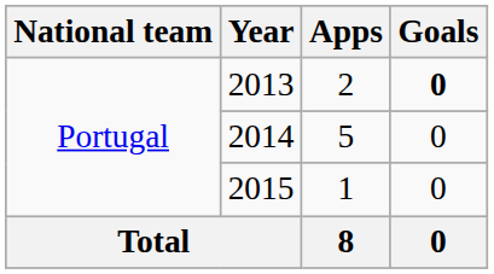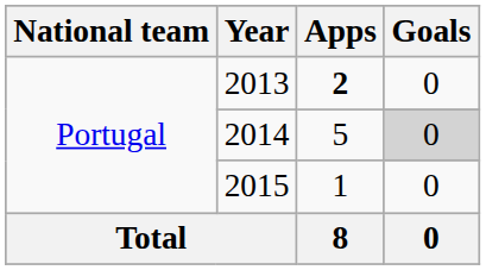 <table class="wikitable" style="text-align:center">
 <tr>
 <th>National team</th>
 <th>Year</th>
 <th>Apps</th>
 <th>Goals</th>
 </tr>
 <tr>
 <td rowspan=3 valign="center"><a href='#'>Portugal</a></td>
 <td>2013</td>
-<td>2</td>
-<td><strong>0</strong></td>
+<td><strong>2</strong></td>
+<td>0</td>
 </tr>
 <tr>
 <td>2014</td>
 <td>5</td>
-<td>0</td>
+<td style="background: lightgrey;">0</td>
 </tr>
 <tr>
 <td>2015</td>
 <td>1</td>
 <td>0</td>
 </tr>
 <tr>
 <th colspan=2>Total</th>
 <th>8</th>
 <th>0</th>
 </tr>
 </table>
